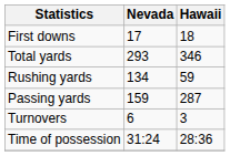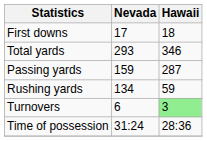 <table class="wikitable">
 <tr>
 <th>Statistics</th>
 <th>Nevada</th>
 <th>Hawaii</th>
 </tr>
 <tr>
 <td>First downs</td>
 <td>17</td>
 <td>18</td>
 </tr>
 <tr>
 <td>Total yards</td>
 <td>293</td>
 <td>346</td>
 </tr>
 <tr>
+<td>Passing yards</td>
+<td>159</td>
+<td>287</td>
+</tr>
+<tr>
 <td>Rushing yards</td>
 <td>134</td>
 <td>59</td>
 </tr>
 <tr>
-<td>Passing yards</td>
-<td>159</td>
-<td>287</td>
-</tr>
-<tr>
 <td>Turnovers</td>
 <td>6</td>
-<td>3</td>
+<td style="background: lightgreen;">3</td>
 </tr>
 <tr>
 <td>Time of possession</td>
 <td>31:24</td>
 <td>28:36</td>
 </tr>
 <tr>
 </tr>
 </table>
